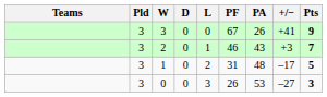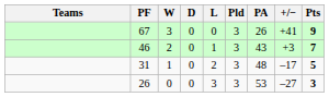 <table class="wikitable" style="text-align: center;">
 <tr>
 <th width="175">Teams</th>
-<th width="25">Pld</th>
+<th width="32">PF</th>
 <th width="25">W</th>
 <th width="25">D</th>
 <th width="25">L</th>
-<th width="32">PF</th>
+<th width="25">Pld</th>
 <th width="32">PA</th>
 <th width="32">+/−</th>
 <th width="25">Pts</th>
 </tr>
 <tr bgcolor=ccffcc>
 <td align=left></td>
-<td>3</td>
+<td>67</td>
 <td>3</td>
 <td>0</td>
 <td>0</td>
-<td>67</td>
+<td>3</td>
 <td>26</td>
 <td>+41</td>
 <td><strong>9</strong></td>
 </tr>
 <tr bgcolor=ccffcc>
 <td align=left></td>
-<td>3</td>
+<td>46</td>
 <td>2</td>
 <td>0</td>
 <td>1</td>
-<td>46</td>
+<td>3</td>
 <td>43</td>
 <td>+3</td>
 <td><strong>7</strong></td>
 </tr>
 <tr>
 <td align=left></td>
-<td>3</td>
+<td>31</td>
 <td>1</td>
 <td>0</td>
 <td>2</td>
-<td>31</td>
+<td>3</td>
 <td>48</td>
 <td>–17</td>
 <td><strong>5</strong></td>
 </tr>
 <tr>
 <td align=left></td>
-<td>3</td>
+<td>26</td>
 <td>0</td>
 <td>0</td>
 <td>3</td>
-<td>26</td>
+<td>3</td>
 <td>53</td>
 <td>–27</td>
 <td><strong>3</strong></td>
 </tr>
 </table>
